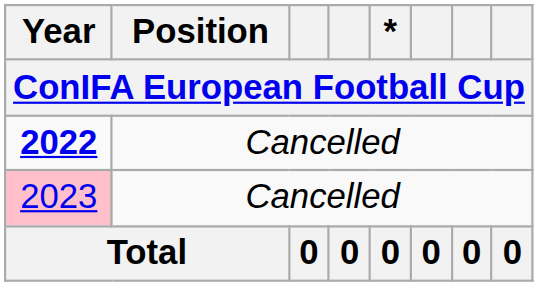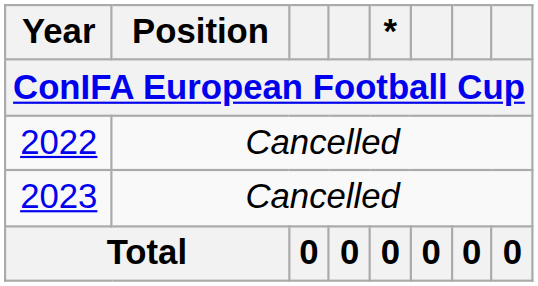 <table class="wikitable" style="text-align: center;">
 <tr>
 <th>Year</th>
 <th>Position</th>
 <th></th>
 <th></th>
 <th>*</th>
 <th></th>
 <th></th>
 <th></th>
 </tr>
 <tr>
 <th colspan=8><a href='#'>ConIFA European Football Cup</a></th>
 </tr>
 <tr>
-<td><strong> <a href='#'>2022</a></strong></td>
+<td> <a href='#'>2022</a></td>
 <td colspan="7"><em>Cancelled</em></td>
 </tr>
 <tr>
-<td style="background: pink;"> <a href='#'>2023</a></td>
+<td> <a href='#'>2023</a></td>
 <td colspan="7"><em>Cancelled</em></td>
 </tr>
 <tr>
 <th colspan=2>Total</th>
 <th>0</th>
 <th>0</th>
 <th>0</th>
 <th>0</th>
 <th>0</th>
 <th>0</th>
 </tr>
 </table>
